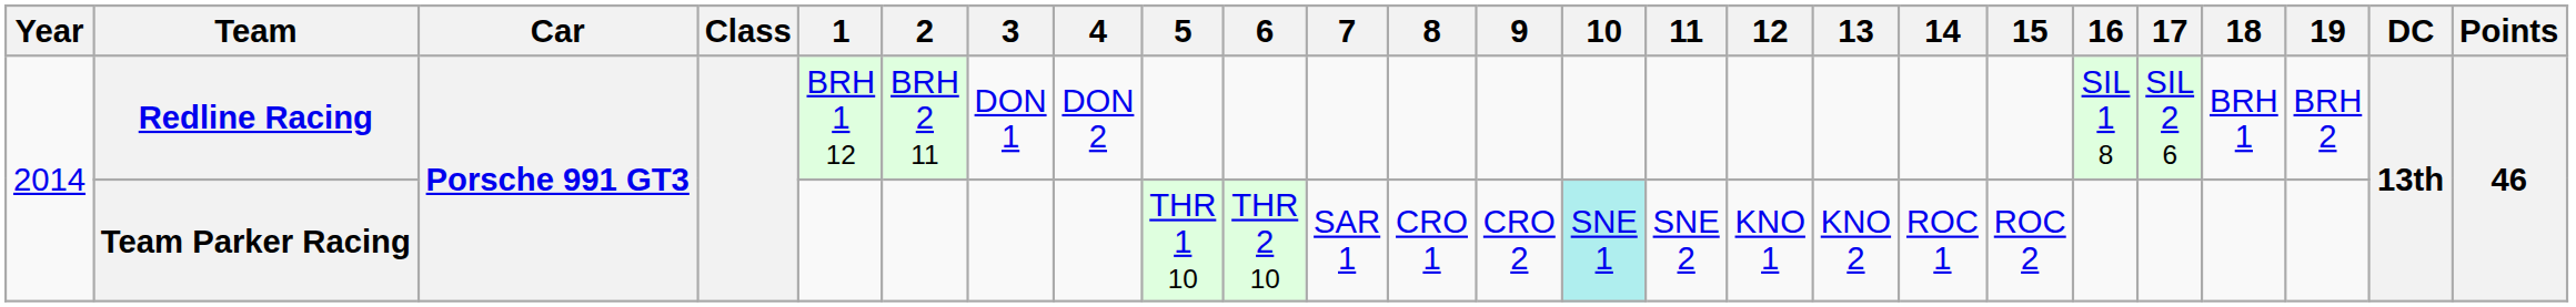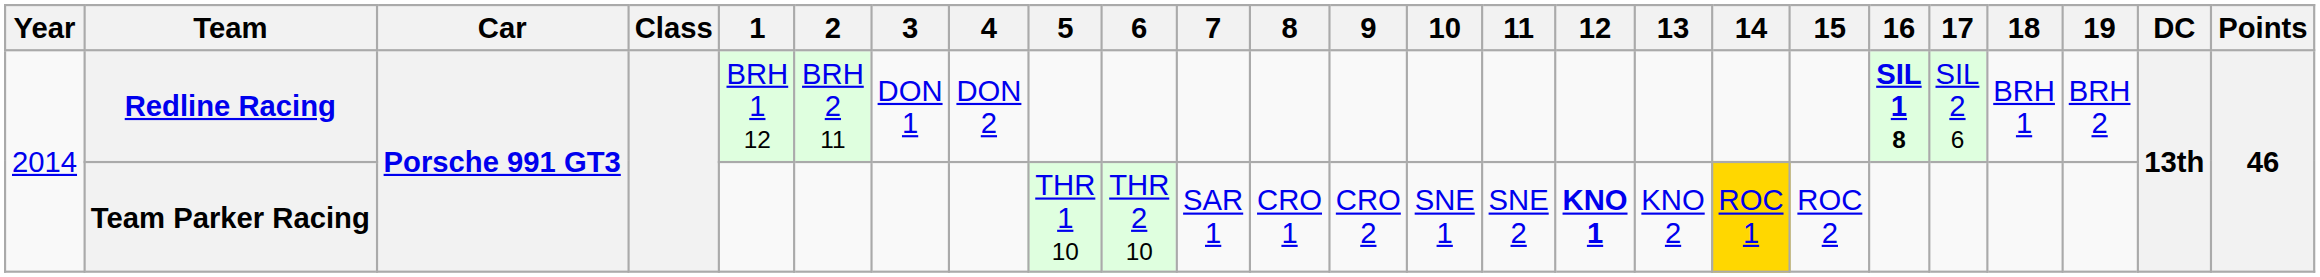 <table class="wikitable" style="text-align:center; font-size:85%">
 <tr>
 <th>Year</th>
 <th>Team</th>
 <th>Car</th>
 <th>Class</th>
 <th>1</th>
 <th>2</th>
 <th>3</th>
 <th>4</th>
 <th>5</th>
 <th>6</th>
 <th>7</th>
 <th>8</th>
 <th>9</th>
 <th>10</th>
 <th>11</th>
 <th>12</th>
 <th>13</th>
 <th>14</th>
 <th>15</th>
 <th>16</th>
 <th>17</th>
 <th>18</th>
 <th>19</th>
 <th>DC</th>
 <th>Points</th>
 </tr>
 <tr>
 <td rowspan=2><a href='#'>2014</a></td>
 <th nowrap><a href='#'>Redline Racing</a></th>
 <th rowspan=2 nowrap><a href='#'>Porsche 991 GT3</a></th>
 <th rowspan=2><span></span></th>
 <td style="background:#DFFFDF;"><a href='#'>BRH<br>1</a><br><small>12</small></td>
 <td style="background:#DFFFDF;"><a href='#'>BRH<br>2</a><br><small>11</small></td>
 <td><a href='#'>DON<br>1</a><br><small></small></td>
 <td><a href='#'>DON<br>2</a><br><small></small></td>
 <td></td>
 <td></td>
 <td></td>
 <td></td>
 <td></td>
 <td></td>
 <td></td>
 <td></td>
 <td></td>
 <td></td>
 <td></td>
-<td style="background:#DFFFDF;"><a href='#'>SIL<br>1</a><br><small>8</small></td>
+<td style="background:#DFFFDF;"><strong><a href='#'>SIL<br>1</a><br><small>8</small></strong></td>
 <td style="background:#DFFFDF;"><a href='#'>SIL<br>2</a><br><small>6</small></td>
 <td><a href='#'>BRH<br>1</a><br><small></small></td>
 <td><a href='#'>BRH<br>2</a><br><small></small></td>
 <th rowspan=2>13th</th>
 <th rowspan=2>46</th>
 </tr>
 <tr>
 <th nowrap>Team Parker Racing</th>
 <td></td>
 <td></td>
 <td></td>
 <td></td>
 <td style="background:#DFFFDF;"><a href='#'>THR<br>1</a><br><small>10</small></td>
 <td style="background:#DFFFDF;"><a href='#'>THR<br>2</a><br><small>10</small></td>
 <td><a href='#'>SAR<br>1</a><br><small></small></td>
 <td><a href='#'>CRO<br>1</a><br><small></small></td>
 <td><a href='#'>CRO<br>2</a><br><small></small></td>
-<td style="background: paleturquoise;"><a href='#'>SNE<br>1</a><br><small></small></td>
+<td><a href='#'>SNE<br>1</a><br><small></small></td>
 <td><a href='#'>SNE<br>2</a><br><small></small></td>
-<td><a href='#'>KNO<br>1</a><br><small></small></td>
+<td><strong><a href='#'>KNO<br>1</a><br><small></small></strong></td>
 <td><a href='#'>KNO<br>2</a><br><small></small></td>
-<td><a href='#'>ROC<br>1</a><br><small></small></td>
+<td style="background: gold;"><a href='#'>ROC<br>1</a><br><small></small></td>
 <td><a href='#'>ROC<br>2</a><br><small></small></td>
 <td></td>
 <td></td>
 <td></td>
 <td></td>
 </tr>
 </table>
